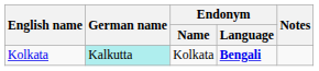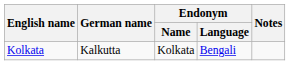 <table class="wikitable sortable mw-collapsible">
 <tr>
 <th rowspan="2">English name</th>
 <th rowspan="2">German name</th>
 <th colspan="2">Endonym</th>
 <th rowspan="2">Notes</th>
 </tr>
 <tr>
 <th>Name</th>
 <th>Language</th>
 </tr>
 <tr>
 <td><a href='#'>Kolkata</a></td>
-<td style="background: paleturquoise;">Kalkutta</td>
+<td>Kalkutta</td>
 <td>Kolkata</td>
-<td><strong><a href='#'>Bengali</a></strong></td>
+<td><a href='#'>Bengali</a></td>
 <td></td>
 </tr>
 </table>
